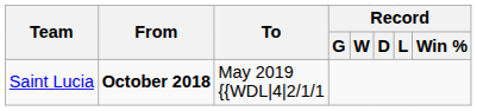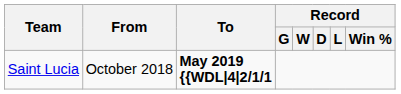 <table class="wikitable" style="text-align: center">
 <tr>
 <th rowspan="2">Team</th>
 <th rowspan="2">From</th>
 <th rowspan="2">To</th>
 <th colspan="5">Record</th>
 </tr>
 <tr>
 <th>G</th>
 <th>W</th>
 <th>D</th>
 <th>L</th>
 <th>Win %</th>
 </tr>
 <tr>
 <td align=left><a href='#'>Saint Lucia</a></td>
-<td align=left><strong>October 2018</strong></td>
-<td align=left>May 2019<br>{{WDL|4|2/1/1</td>
+<td align=left>October 2018</td>
+<td align=left><strong>May 2019<br>{{WDL|4|2/1/1</strong></td>
 </tr>
 </table>
